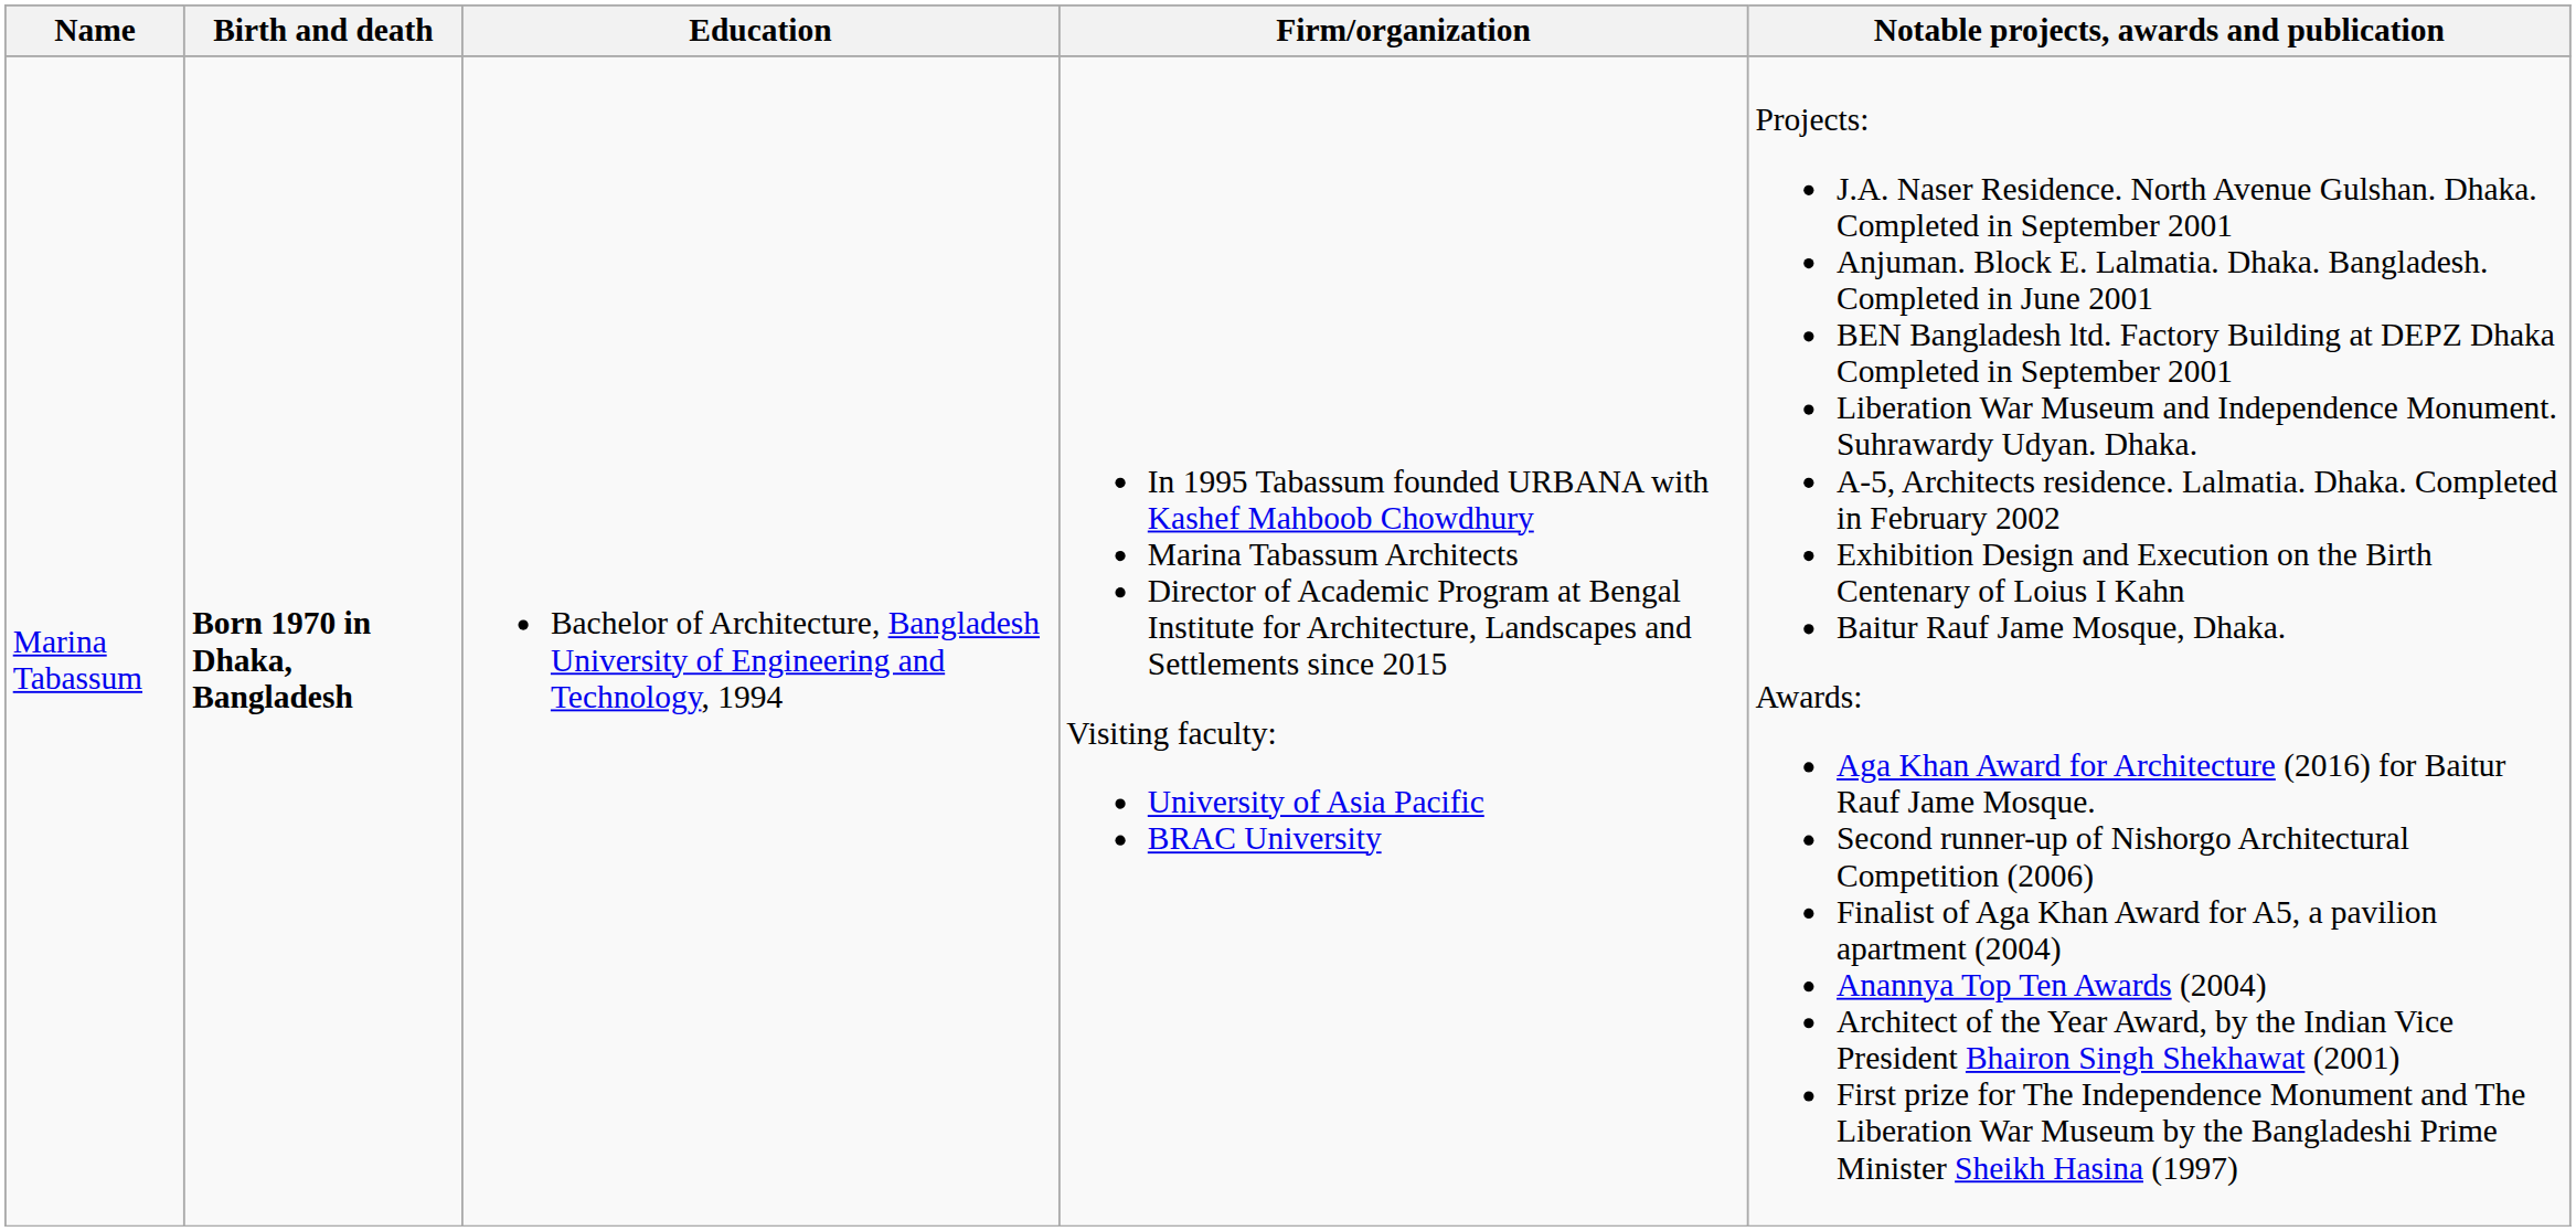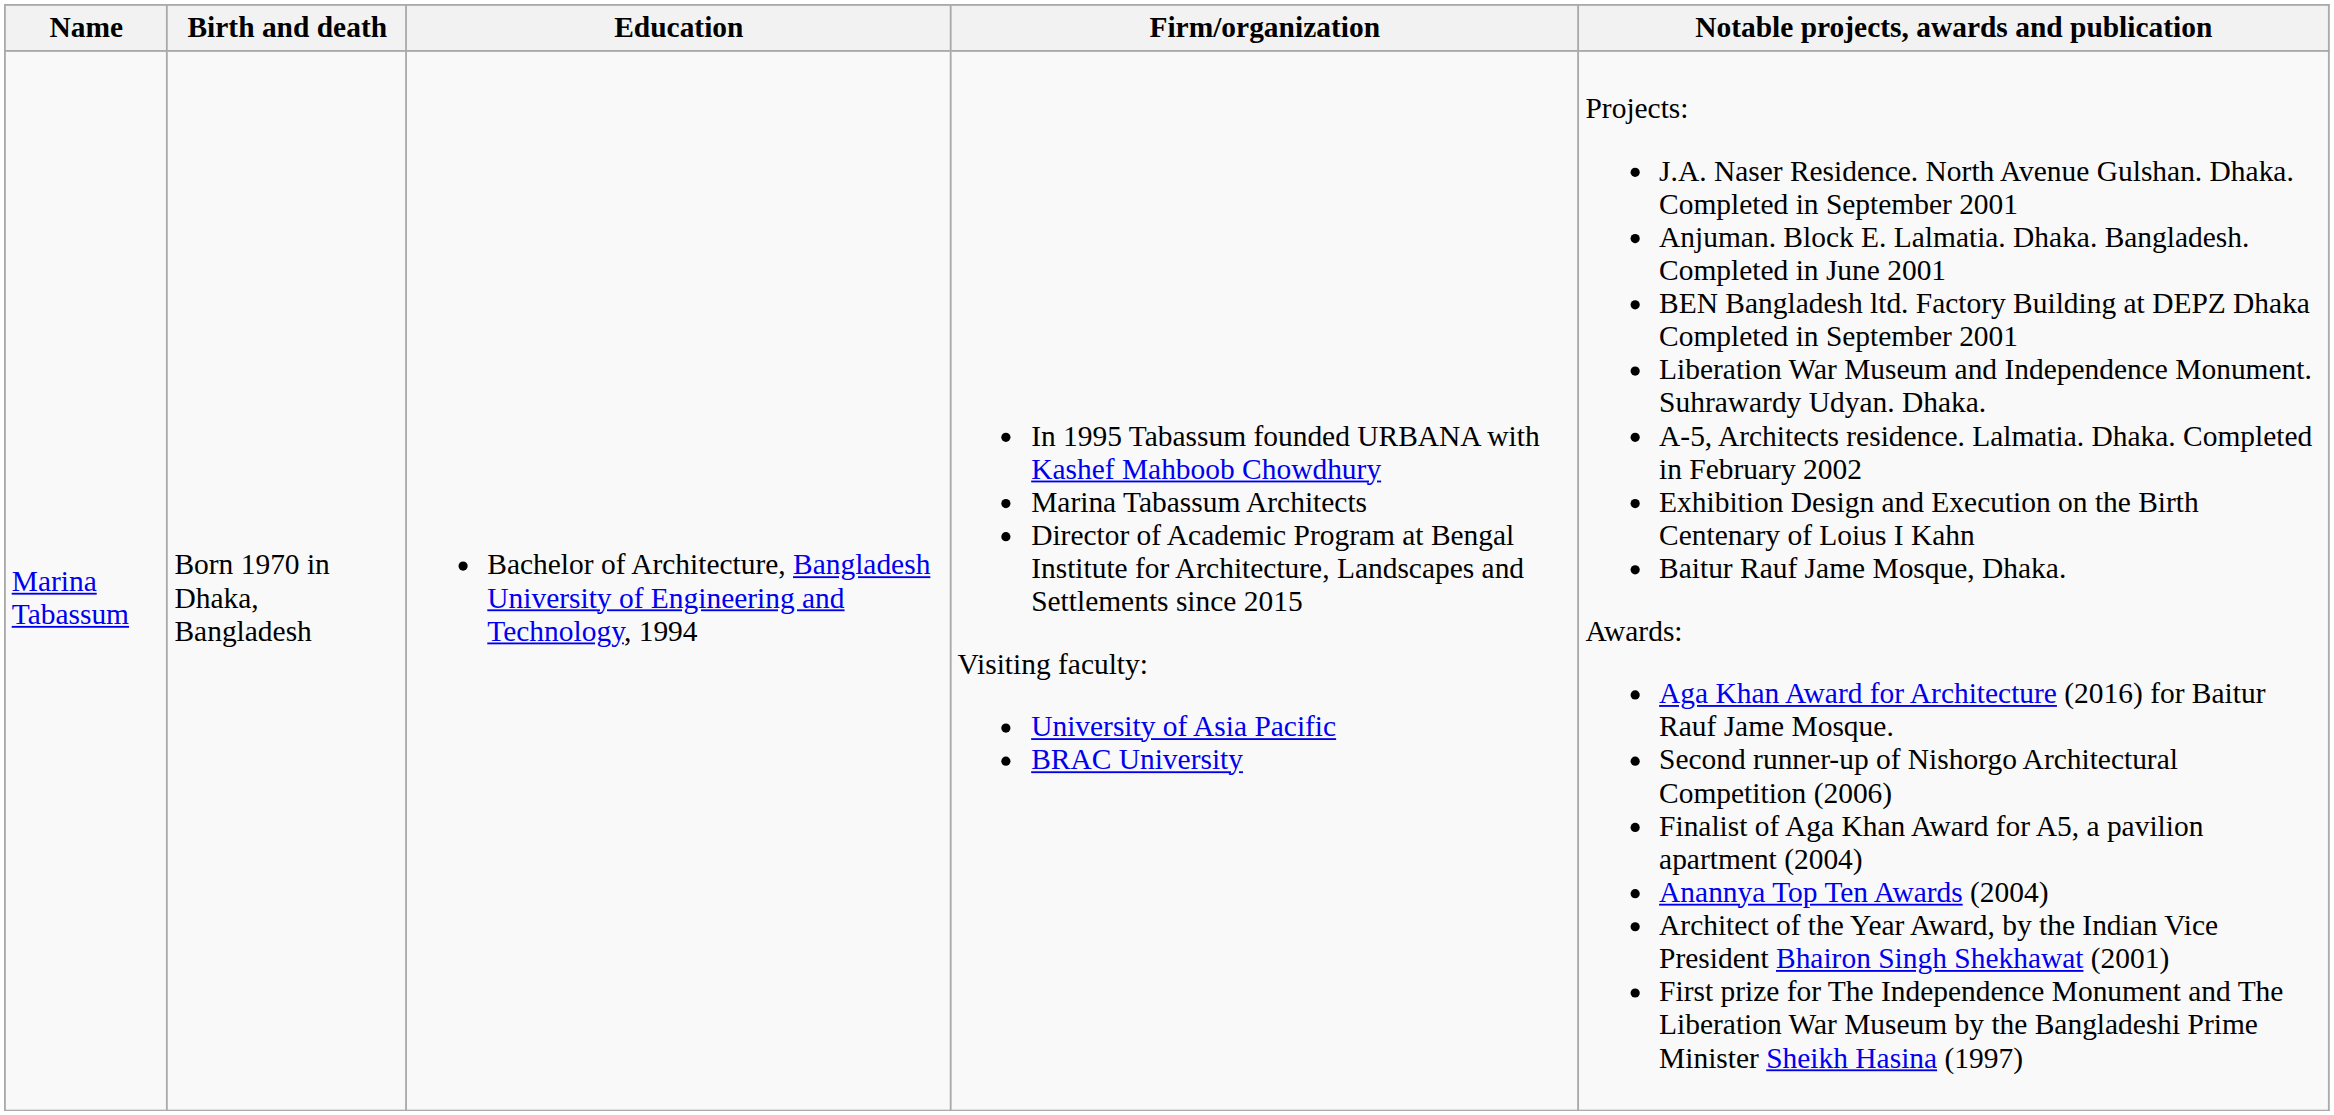 <table class="wikitable" width="100%">
 <tr bgcolor="#efefef">
 <th>Name</th>
 <th>Birth and death</th>
 <th>Education</th>
 <th>Firm/organization</th>
 <th>Notable projects, awards and publication</th>
 </tr>
 <tr>
 <td><br><a href='#'>Marina Tabassum</a></td>
-<td><strong><br>Born 1970 in Dhaka, Bangladesh</strong></td>
+<td><br>Born 1970 in Dhaka, Bangladesh</td>
 <td><br><ul><li>Bachelor of Architecture, <a href='#'>Bangladesh University of Engineering and Technology</a>, 1994</li></ul></td>
 <td><br><ul><li>In 1995 Tabassum founded URBANA with <a href='#'>Kashef Mahboob Chowdhury</a></li><li>Marina Tabassum Architects</li><li>Director of Academic Program at Bengal Institute for Architecture, Landscapes and Settlements since 2015</li></ul>Visiting faculty:<ul><li><a href='#'>University of Asia Pacific</a></li><li><a href='#'>BRAC University</a></li></ul></td>
 <td><br>Projects:<ul><li>J.A. Naser Residence. North Avenue Gulshan. Dhaka. Completed in September 2001</li><li>Anjuman. Block E. Lalmatia. Dhaka. Bangladesh. Completed in June 2001</li><li>BEN Bangladesh ltd. Factory Building at DEPZ Dhaka Completed in September 2001</li><li>Liberation War Museum and Independence Monument. Suhrawardy Udyan. Dhaka.</li><li>A-5, Architects residence. Lalmatia. Dhaka. Completed in February 2002</li><li>Exhibition Design and Execution on the Birth Centenary of Loius I Kahn</li><li>Baitur Rauf Jame Mosque, Dhaka.</li></ul>Awards:<ul><li><a href='#'>Aga Khan Award for Architecture</a> (2016) for Baitur Rauf Jame Mosque.</li><li>Second runner-up of Nishorgo Architectural Competition (2006)</li><li>Finalist of Aga Khan Award for A5, a pavilion apartment (2004)</li><li><a href='#'>Anannya Top Ten Awards</a> (2004)</li><li>Architect of the Year Award, by the Indian Vice President <a href='#'>Bhairon Singh Shekhawat</a> (2001)</li><li>First prize for The Independence Monument and The Liberation War Museum by the Bangladeshi Prime Minister <a href='#'>Sheikh Hasina</a> (1997)</li></ul></td>
 </tr>
 <tr>
 </tr>
 </table>
